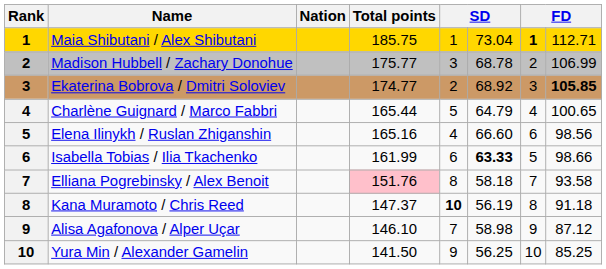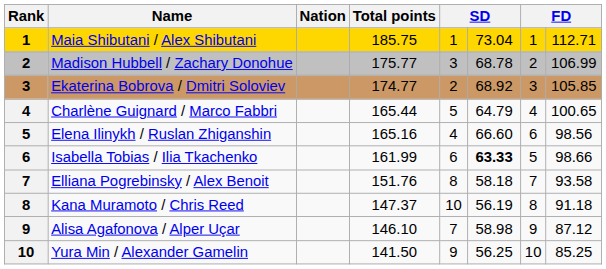 <table class="wikitable sortable">
 <tr>
 <th>Rank</th>
 <th>Name</th>
 <th>Nation</th>
 <th>Total points</th>
 <th colspan="2" width="80px"><a href='#'>SD</a></th>
 <th colspan="2" width="80px"><a href='#'>FD</a></th>
 </tr>
 <tr bgcolor="gold">
 <td align="center"><strong>1</strong></td>
 <td><a href='#'>Maia Shibutani</a> / <a href='#'>Alex Shibutani</a></td>
 <td></td>
 <td align="center">185.75</td>
 <td align="center">1</td>
 <td align="center">73.04</td>
-<td align="center"><strong>1</strong></td>
+<td align="center">1</td>
 <td align="center">112.71</td>
 </tr>
 <tr bgcolor="silver">
 <td align="center"><strong>2</strong></td>
 <td><a href='#'>Madison Hubbell</a> / <a href='#'>Zachary Donohue</a></td>
 <td></td>
 <td align="center">175.77</td>
 <td align="center">3</td>
 <td align="center">68.78</td>
 <td align="center">2</td>
 <td align="center">106.99</td>
 </tr>
 <tr bgcolor="cc9966">
 <td align="center"><strong>3</strong></td>
 <td><a href='#'>Ekaterina Bobrova</a> / <a href='#'>Dmitri Soloviev</a></td>
 <td></td>
 <td align="center">174.77</td>
 <td align="center">2</td>
 <td align="center">68.92</td>
 <td align="center">3</td>
-<td align="center"><strong>105.85</strong></td>
+<td align="center">105.85</td>
 </tr>
 <tr>
 <th>4</th>
 <td><a href='#'>Charlène Guignard</a> / <a href='#'>Marco Fabbri</a></td>
 <td></td>
 <td align="center">165.44</td>
 <td align="center">5</td>
 <td align="center">64.79</td>
 <td align="center">4</td>
 <td align="center">100.65</td>
 </tr>
 <tr>
 <th>5</th>
 <td><a href='#'>Elena Ilinykh</a> / <a href='#'>Ruslan Zhiganshin</a></td>
 <td></td>
 <td align="center">165.16</td>
 <td align="center">4</td>
 <td align="center">66.60</td>
 <td align="center">6</td>
 <td align="center">98.56</td>
 </tr>
 <tr>
 <th>6</th>
 <td><a href='#'>Isabella Tobias</a> / <a href='#'>Ilia Tkachenko</a></td>
 <td></td>
 <td align="center">161.99</td>
 <td align="center">6</td>
 <td align="center"><strong>63.33</strong></td>
 <td align="center">5</td>
 <td align="center">98.66</td>
 </tr>
 <tr>
 <th>7</th>
 <td><a href='#'>Elliana Pogrebinsky</a> / <a href='#'>Alex Benoit</a></td>
 <td></td>
-<td align="center" style="background: pink;">151.76</td>
+<td align="center">151.76</td>
 <td align="center">8</td>
 <td align="center">58.18</td>
 <td align="center">7</td>
 <td align="center">93.58</td>
 </tr>
 <tr>
 <th>8</th>
 <td><a href='#'>Kana Muramoto</a> / <a href='#'>Chris Reed</a></td>
 <td></td>
 <td align="center">147.37</td>
-<td align="center"><strong>10</strong></td>
+<td align="center">10</td>
 <td align="center">56.19</td>
 <td align="center">8</td>
 <td align="center">91.18</td>
 </tr>
 <tr>
 <th>9</th>
 <td><a href='#'>Alisa Agafonova</a> / <a href='#'>Alper Uçar</a></td>
 <td></td>
 <td align="center">146.10</td>
 <td align="center">7</td>
 <td align="center">58.98</td>
 <td align="center">9</td>
 <td align="center">87.12</td>
 </tr>
 <tr>
 <th>10</th>
 <td><a href='#'>Yura Min</a> / <a href='#'>Alexander Gamelin</a></td>
 <td></td>
 <td align="center">141.50</td>
 <td align="center">9</td>
 <td align="center">56.25</td>
 <td align="center">10</td>
 <td align="center">85.25</td>
 </tr>
 </table>
